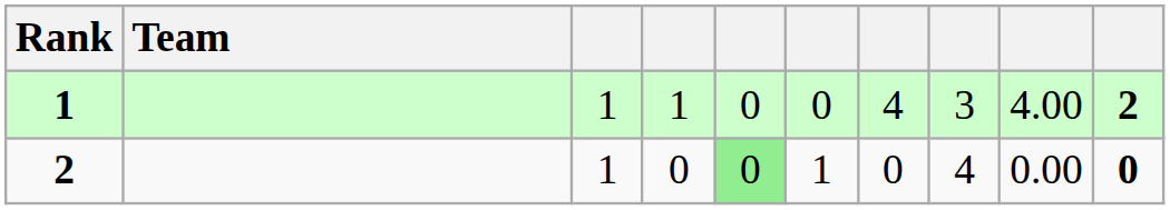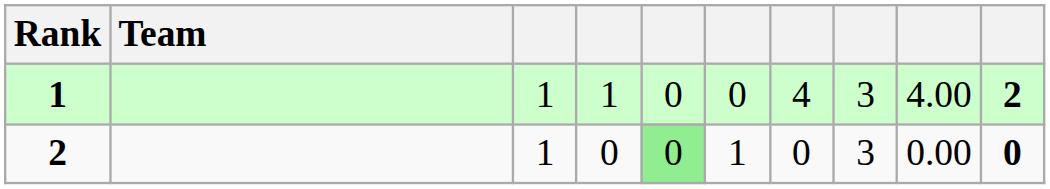 <table class="wikitable" border="1" style="text-align:center;">
 <tr>
 <th width=30>Rank</th>
 <th width=165 style="text-align:left;">Team</th>
 <th width=20></th>
 <th width=20></th>
 <th width=20></th>
 <th width=20></th>
 <th width=20></th>
 <th width=20></th>
 <th width=20></th>
 <th width=20></th>
 </tr>
 <tr style="background:#ccffcc;">
 <td><strong>1</strong></td>
 <td style="text-align:left;"></td>
 <td>1</td>
 <td>1</td>
 <td>0</td>
 <td>0</td>
 <td>4</td>
 <td>3</td>
 <td>4.00</td>
 <td><strong>2</strong></td>
 </tr>
 <tr>
 <td><strong>2</strong></td>
 <td style="text-align:left;"></td>
 <td>1</td>
 <td>0</td>
 <td style="background: lightgreen;">0</td>
 <td>1</td>
 <td>0</td>
-<td>4</td>
+<td>3</td>
 <td>0.00</td>
 <td><strong>0</strong></td>
 </tr>
 </table>
